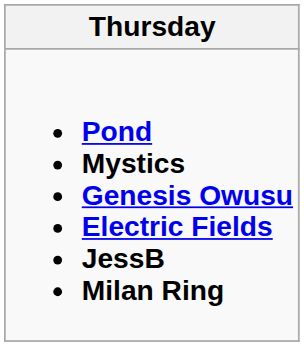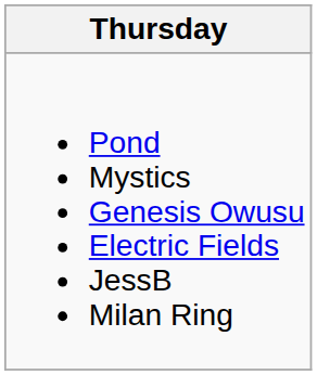 <table class="wikitable">
 <tr>
 <th>Thursday</th>
 </tr>
 <tr valign="top">
-<td><strong><br><ul><li><a href='#'>Pond</a></li><li>Mystics</li><li><a href='#'>Genesis Owusu</a></li><li><a href='#'>Electric Fields</a></li><li>JessB</li><li>Milan Ring</li></ul></strong></td>
+<td><br><ul><li><a href='#'>Pond</a></li><li>Mystics</li><li><a href='#'>Genesis Owusu</a></li><li><a href='#'>Electric Fields</a></li><li>JessB</li><li>Milan Ring</li></ul></td>
 </tr>
 </table>
